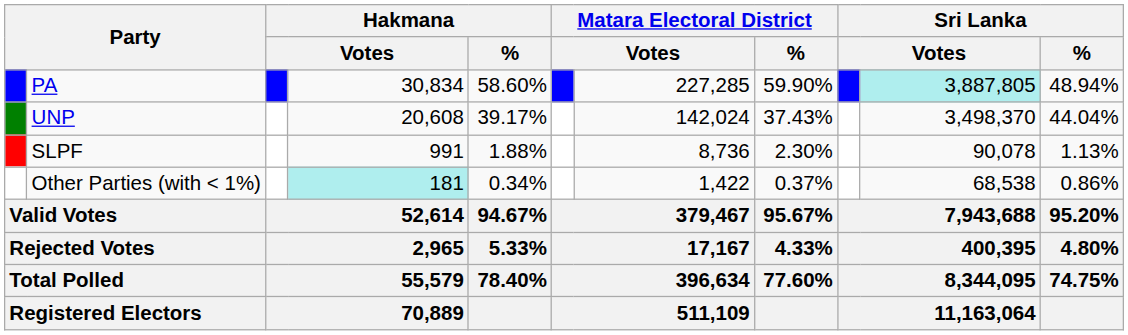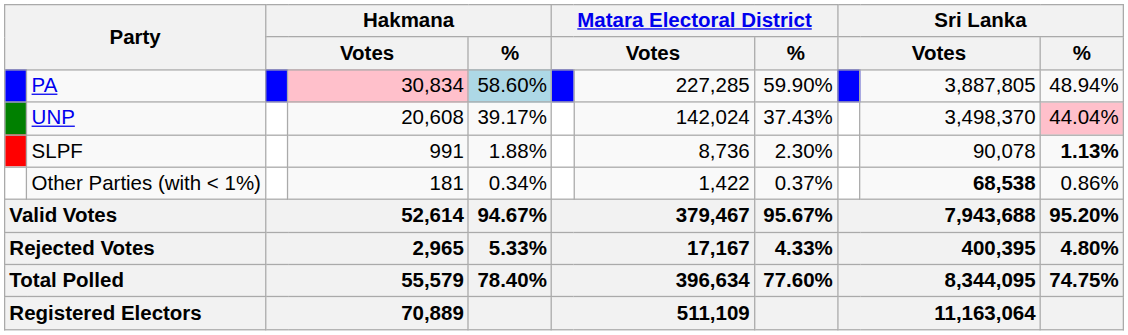 <table class="wikitable">
 <tr>
 <th colspan="2" width="144px"rowspan="2">Party</th>
 <th colspan="3" width="216px">Hakmana</th>
 <th colspan="3" width="216px"><a href='#'>Matara Electoral District</a></th>
 <th colspan="3" width="216px">Sri Lanka</th>
 </tr>
 <tr>
 <th colspan="2" width="144px">Votes</th>
 <th>%</th>
 <th colspan="2" width="144px">Votes</th>
 <th>%</th>
 <th colspan="2" width="144px">Votes</th>
 <th>%</th>
 </tr>
 <tr>
 <td style="background-color:blue;" width="10px"></td>
 <td style="text-align:left;"><a href='#'>PA</a></td>
 <td style="background-color:blue;" width="10px"></td>
-<td style="text-align:right;">30,834</td>
-<td style="text-align:right;">58.60%</td>
+<td style="background: pink; text-align:right;">30,834</td>
+<td style="background: lightblue; text-align:right;">58.60%</td>
 <td style="background-color:blue;" width="10px"></td>
 <td style="text-align:right;">227,285</td>
 <td style="text-align:right;">59.90%</td>
 <td style="background-color:blue;" width="10px"></td>
-<td style="background: paleturquoise; text-align:right;">3,887,805</td>
+<td style="text-align:right;">3,887,805</td>
 <td style="text-align:right;">48.94%</td>
 </tr>
 <tr>
 <td style="background-color:green;" width="10px"></td>
 <td style="text-align:left;"><a href='#'>UNP</a></td>
 <td style="background-color:white;" width="10px"></td>
 <td style="text-align:right;">20,608</td>
 <td style="text-align:right;">39.17%</td>
 <td style="background-color:white;" width="10px"></td>
 <td style="text-align:right;">142,024</td>
 <td style="text-align:right;">37.43%</td>
 <td style="background-color:white;" width="10px"></td>
 <td style="text-align:right;">3,498,370</td>
-<td style="text-align:right;">44.04%</td>
+<td style="background: pink; text-align:right;">44.04%</td>
 </tr>
 <tr>
 <td style="background-color:red;" width="10px"></td>
 <td style="text-align:left;">SLPF</td>
 <td style="background-color:white;" width="10px"></td>
 <td style="text-align:right;">991</td>
 <td style="text-align:right;">1.88%</td>
 <td style="background-color:white;" width="10px"></td>
 <td style="text-align:right;">8,736</td>
 <td style="text-align:right;">2.30%</td>
 <td style="background-color:white;" width="10px"></td>
 <td style="text-align:right;">90,078</td>
-<td style="text-align:right;">1.13%</td>
+<td style="text-align:right;"><strong>1.13%</strong></td>
 </tr>
 <tr>
 <td style="background-color:white;" width="10px"></td>
 <td style="text-align:left;">Other Parties (with < 1%)</td>
 <td style="background-color:white;" width="10px"></td>
-<td style="background: paleturquoise; text-align:right;">181</td>
+<td style="text-align:right;">181</td>
 <td style="text-align:right;">0.34%</td>
 <td style="background-color:white;" width="10px"></td>
 <td style="text-align:right;">1,422</td>
 <td style="text-align:right;">0.37%</td>
 <td style="background-color:white;" width="10px"></td>
-<td style="text-align:right;">68,538</td>
+<td style="text-align:right;"><strong>68,538</strong></td>
 <td style="text-align:right;">0.86%</td>
 </tr>
 <tr>
 <th colspan="2" width="144px"style="text-align:left;">Valid Votes</th>
 <th style="text-align:right;"colspan="2" width="144px">52,614</th>
 <th style="text-align:right;">94.67%</th>
 <th style="text-align:right;"colspan="2" width="144px">379,467</th>
 <th style="text-align:right;">95.67%</th>
 <th style="text-align:right;"colspan="2" width="144px">7,943,688</th>
 <th style="text-align:right;">95.20%</th>
 </tr>
 <tr>
 <th colspan="2" width="144px"style="text-align:left;">Rejected Votes</th>
 <th style="text-align:right;"colspan="2" width="144px">2,965</th>
 <th style="text-align:right;">5.33%</th>
 <th style="text-align:right;"colspan="2" width="144px">17,167</th>
 <th style="text-align:right;">4.33%</th>
 <th style="text-align:right;"colspan="2" width="144px">400,395</th>
 <th style="text-align:right;">4.80%</th>
 </tr>
 <tr>
 <th colspan="2" width="144px"style="text-align:left;">Total Polled</th>
 <th style="text-align:right;"colspan="2" width="144px">55,579</th>
 <th style="text-align:right;">78.40%</th>
 <th style="text-align:right;"colspan="2" width="144px">396,634</th>
 <th style="text-align:right;">77.60%</th>
 <th style="text-align:right;"colspan="2" width="144px">8,344,095</th>
 <th style="text-align:right;">74.75%</th>
 </tr>
 <tr>
 <th colspan="2" width="144px"style="text-align:left;">Registered Electors</th>
 <th style="text-align:right;"colspan="2" width="144px">70,889</th>
 <th></th>
 <th style="text-align:right;"colspan="2" width="144px">511,109</th>
 <th></th>
 <th style="text-align:right;"colspan="2" width="144px">11,163,064</th>
 <th></th>
 </tr>
 </table>
